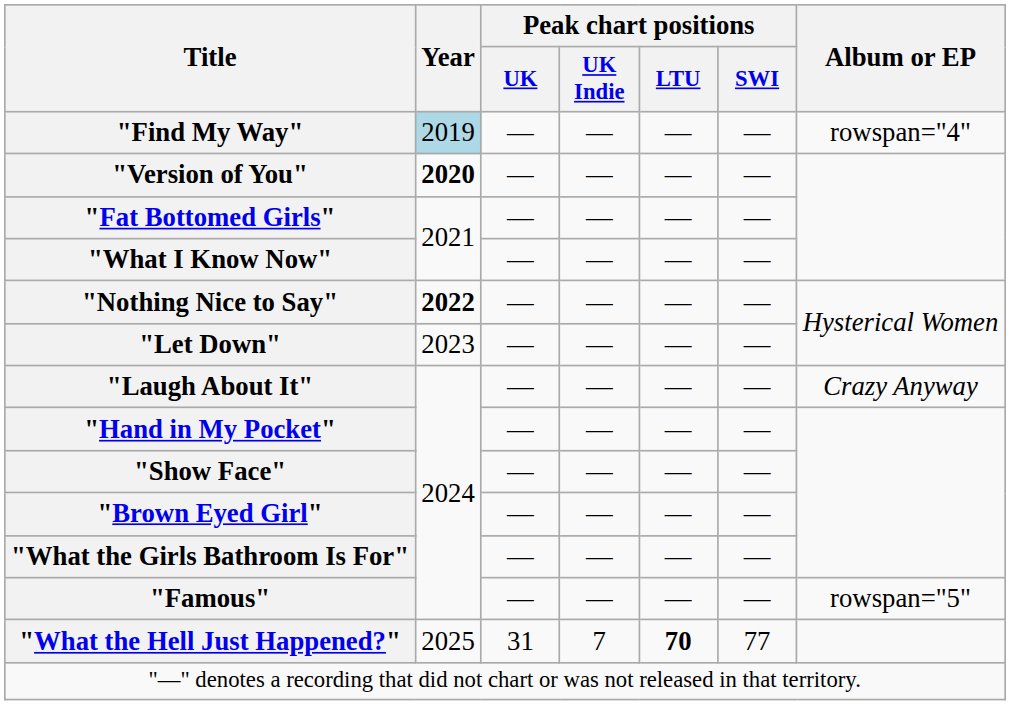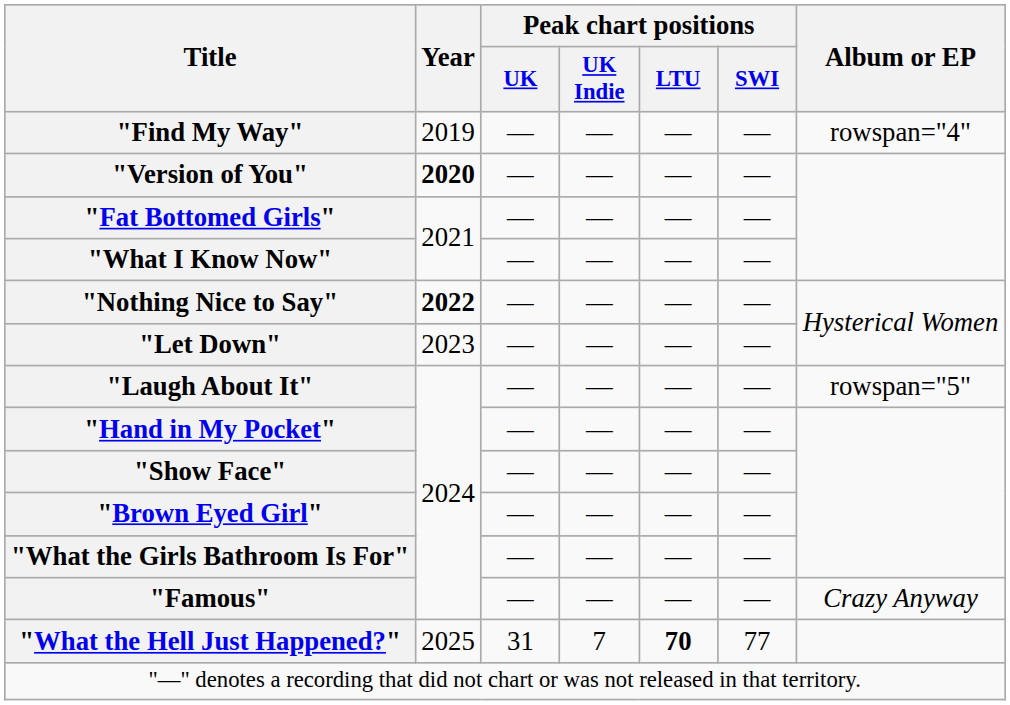 <table class="wikitable plainrowheaders" style="text-align:center;">
 <tr>
 <th scope="col" rowspan="2">Title</th>
 <th scope="col" rowspan="2">Year</th>
 <th scope="col" colspan="4">Peak chart positions</th>
 <th scope="col" rowspan="2">Album or EP</th>
 </tr>
 <tr>
 <th scope="col" style="width:3em;font-size:85%;"><a href='#'>UK</a><br></th>
 <th scope="col" style="width:3em;font-size:85%;"><a href='#'>UK<br>Indie</a><br></th>
 <th scope="col" style="width:3em;font-size:85%;"><a href='#'>LTU</a><br></th>
 <th scope="col" style="width:3em;font-size:85%;"><a href='#'>SWI</a><br></th>
 </tr>
 <tr>
 <th scope="row">"Find My Way"</th>
-<td style="background: lightblue;">2019</td>
+<td>2019</td>
 <td>—</td>
 <td>—</td>
 <td>—</td>
 <td>—</td>
 <td>rowspan="4" </td>
 </tr>
 <tr>
 <th scope="row">"Version of You"</th>
 <td><strong>2020</strong></td>
 <td>—</td>
 <td>—</td>
 <td>—</td>
 <td>—</td>
 </tr>
 <tr>
 <th scope="row">"<a href='#'>Fat Bottomed Girls</a>"</th>
 <td rowspan="2">2021</td>
 <td>—</td>
 <td>—</td>
 <td>—</td>
 <td>—</td>
 </tr>
 <tr>
 <th scope="row">"What I Know Now"</th>
 <td>—</td>
 <td>—</td>
 <td>—</td>
 <td>—</td>
 </tr>
 <tr>
 <th scope="row">"Nothing Nice to Say"</th>
 <td><strong>2022</strong></td>
 <td>—</td>
 <td>—</td>
 <td>—</td>
 <td>—</td>
 <td rowspan="2"><em>Hysterical Women</em></td>
 </tr>
 <tr>
 <th scope="row">"Let Down"</th>
 <td>2023</td>
 <td>—</td>
 <td>—</td>
 <td>—</td>
 <td>—</td>
 </tr>
 <tr>
 <th scope="row">"Laugh About It"</th>
 <td rowspan="6">2024</td>
 <td>—</td>
 <td>—</td>
 <td>—</td>
 <td>—</td>
-<td><em>Crazy Anyway</em></td>
+<td>rowspan="5" </td>
 </tr>
 <tr>
 <th scope="row">"<a href='#'>Hand in My Pocket</a>"</th>
 <td>—</td>
 <td>—</td>
 <td>—</td>
 <td>—</td>
 </tr>
 <tr>
 <th scope="row">"Show Face"</th>
 <td>—</td>
 <td>—</td>
 <td>—</td>
 <td>—</td>
 </tr>
 <tr>
 <th scope="row">"<a href='#'>Brown Eyed Girl</a>"</th>
 <td>—</td>
 <td>—</td>
 <td>—</td>
 <td>—</td>
 </tr>
 <tr>
 <th scope="row">"What the Girls Bathroom Is For"</th>
 <td>—</td>
 <td>—</td>
 <td>—</td>
 <td>—</td>
 </tr>
 <tr>
 <th scope="row">"Famous"</th>
 <td>—</td>
 <td>—</td>
 <td>—</td>
 <td>—</td>
-<td>rowspan="5" </td>
+<td><em>Crazy Anyway</em></td>
 </tr>
 <tr>
 <th scope="row">"<a href='#'>What the Hell Just Happened?</a>"</th>
 <td>2025</td>
 <td>31</td>
 <td>7</td>
 <td><strong>70</strong></td>
 <td>77</td>
 <td></td>
 </tr>
 <tr>
 <td colspan="8" style="font-size:85%">"—" denotes a recording that did not chart or was not released in that territory.</td>
 </tr>
 </table>
